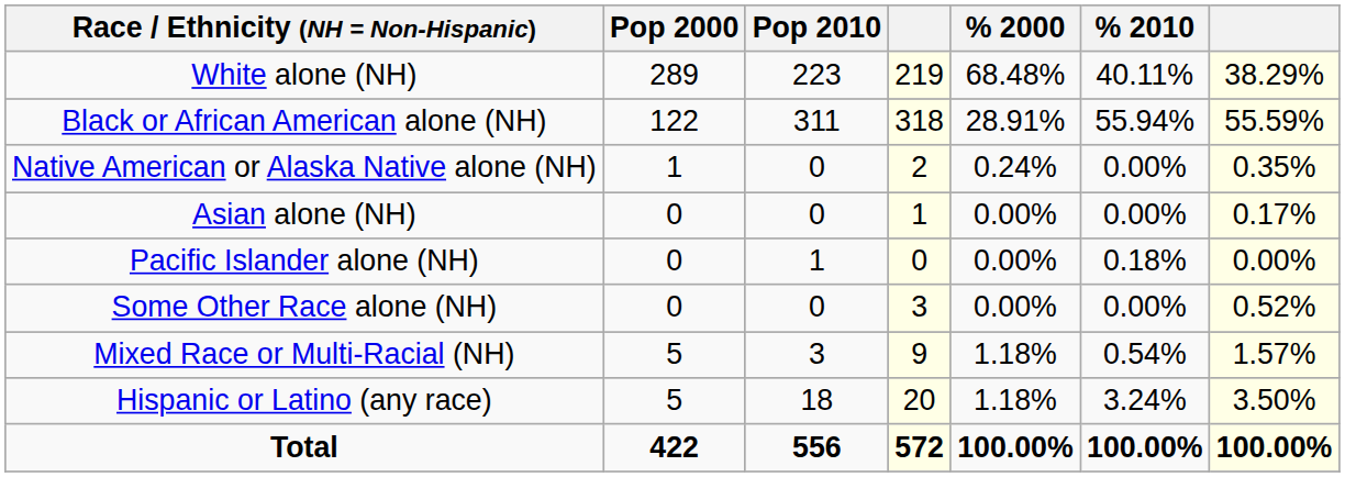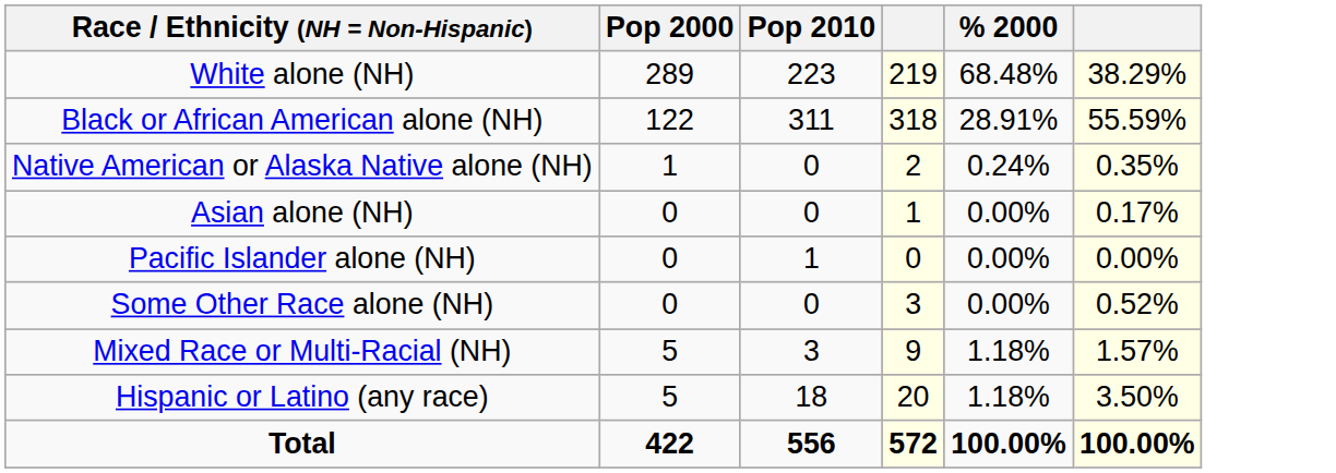 <table class="wikitable" style="text-align:center;">
 <tr>
 <th>Race / Ethnicity <small>(<em>NH = Non-Hispanic</em>)</small></th>
 <th>Pop 2000</th>
 <th>Pop 2010</th>
 <th></th>
 <th>% 2000</th>
-<th>% 2010</th>
 <th></th>
 </tr>
 <tr>
 <td><a href='#'>White</a> alone (NH)</td>
 <td>289</td>
 <td>223</td>
 <td style='background: #ffffe6;'>219</td>
 <td>68.48%</td>
-<td>40.11%</td>
 <td style='background: #ffffe6;'>38.29%</td>
 </tr>
 <tr>
 <td><a href='#'>Black or African American</a> alone (NH)</td>
 <td>122</td>
 <td>311</td>
 <td style='background: #ffffe6;'>318</td>
 <td>28.91%</td>
-<td>55.94%</td>
 <td style='background: #ffffe6;'>55.59%</td>
 </tr>
 <tr>
 <td><a href='#'>Native American</a> or <a href='#'>Alaska Native</a> alone (NH)</td>
 <td>1</td>
 <td>0</td>
 <td style='background: #ffffe6;'>2</td>
 <td>0.24%</td>
-<td>0.00%</td>
 <td style='background: #ffffe6;'>0.35%</td>
 </tr>
 <tr>
 <td><a href='#'>Asian</a> alone (NH)</td>
 <td>0</td>
 <td>0</td>
 <td style='background: #ffffe6;'>1</td>
-<td>0.00%</td>
 <td>0.00%</td>
 <td style='background: #ffffe6;'>0.17%</td>
 </tr>
 <tr>
 <td><a href='#'>Pacific Islander</a> alone (NH)</td>
 <td>0</td>
 <td>1</td>
 <td style='background: #ffffe6;'>0</td>
 <td>0.00%</td>
-<td>0.18%</td>
 <td style='background: #ffffe6;'>0.00%</td>
 </tr>
 <tr>
 <td><a href='#'>Some Other Race</a> alone (NH)</td>
 <td>0</td>
 <td>0</td>
 <td style='background: #ffffe6;'>3</td>
-<td>0.00%</td>
 <td>0.00%</td>
 <td style='background: #ffffe6;'>0.52%</td>
 </tr>
 <tr>
 <td><a href='#'>Mixed Race or Multi-Racial</a> (NH)</td>
 <td>5</td>
 <td>3</td>
 <td style='background: #ffffe6;'>9</td>
 <td>1.18%</td>
-<td>0.54%</td>
 <td style='background: #ffffe6;'>1.57%</td>
 </tr>
 <tr>
 <td><a href='#'>Hispanic or Latino</a> (any race)</td>
 <td>5</td>
 <td>18</td>
 <td style='background: #ffffe6;'>20</td>
 <td>1.18%</td>
-<td>3.24%</td>
 <td style='background: #ffffe6;'>3.50%</td>
 </tr>
 <tr>
 <td><strong>Total</strong></td>
 <td><strong>422</strong></td>
 <td><strong>556</strong></td>
 <td style='background: #ffffe6;'><strong>572</strong></td>
 <td><strong>100.00%</strong></td>
-<td><strong>100.00%</strong></td>
 <td style='background: #ffffe6;'><strong>100.00%</strong></td>
 </tr>
 </table>
